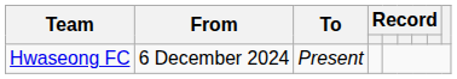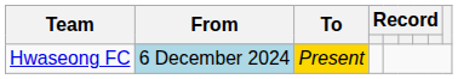 <table class="wikitable" style="text-align:center">
 <tr>
 <th rowspan="2">Team</th>
 <th rowspan="2">From</th>
 <th rowspan="2">To</th>
 <th colspan="5">Record</th>
 <th rowspan="2"></th>
 </tr>
 <tr>
 <th></th>
 <th></th>
 <th></th>
 <th></th>
 <th></th>
 </tr>
 <tr>
 <td><a href='#'>Hwaseong FC</a></td>
-<td align="left">6 December 2024</td>
-<td align="left"><em>Present</em><br></td>
+<td align="left" style="background: lightblue;">6 December 2024</td>
+<td align="left" style="background: gold;"><em>Present</em><br></td>
 <td></td>
 </tr>
 </table>
